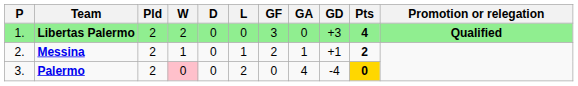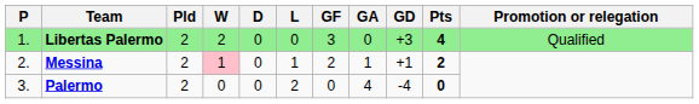 <table class="wikitable sortable" style="text-align: center;">
 <tr>
 <th width=33>P<br></th>
 <th>Team<br></th>
 <th width=33>Pld<br></th>
 <th width=33>W<br></th>
 <th width=33>D<br></th>
 <th width=33>L<br></th>
 <th width=33>GF<br></th>
 <th width=33>GA<br></th>
 <th width=33>GD<br></th>
 <th width=33>Pts<br></th>
 <th class="unsortable" width=250>Promotion or relegation<br></th>
 </tr>
 <tr style="background: #90EE90;">
 <td>1.</td>
 <td align="left"><strong>Libertas Palermo</strong></td>
 <td>2</td>
 <td>2</td>
 <td>0</td>
 <td>0</td>
 <td>3</td>
 <td>0</td>
 <td>+3</td>
 <td><strong>4</strong></td>
-<td><strong>Qualified</strong></td>
+<td>Qualified</td>
 </tr>
 <tr>
 <td>2.</td>
 <td align="left"><strong><a href='#'>Messina</a></strong></td>
 <td>2</td>
-<td>1</td>
+<td style="background: pink;">1</td>
 <td>0</td>
 <td>1</td>
 <td>2</td>
 <td>1</td>
 <td>+1</td>
 <td><strong>2</strong></td>
 </tr>
 <tr>
 <td>3.</td>
 <td align="left"><strong><a href='#'>Palermo</a></strong></td>
 <td>2</td>
-<td style="background: pink;">0</td>
+<td>0</td>
 <td>0</td>
 <td>2</td>
 <td>0</td>
 <td>4</td>
 <td>-4</td>
-<td style="background: gold;"><strong>0</strong></td>
+<td><strong>0</strong></td>
 </tr>
 </table>
